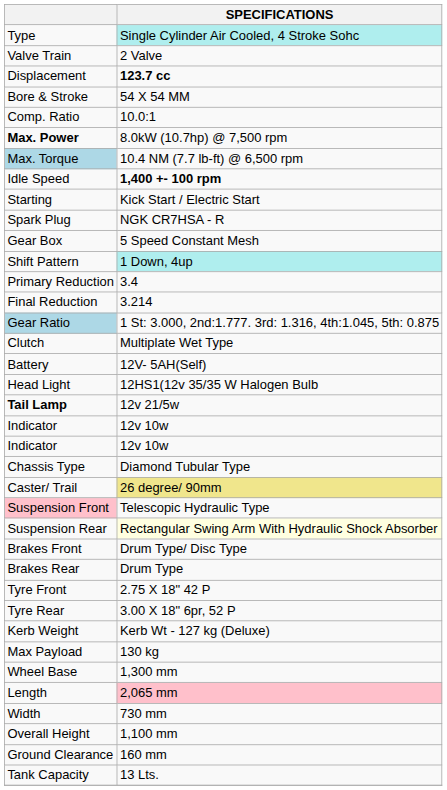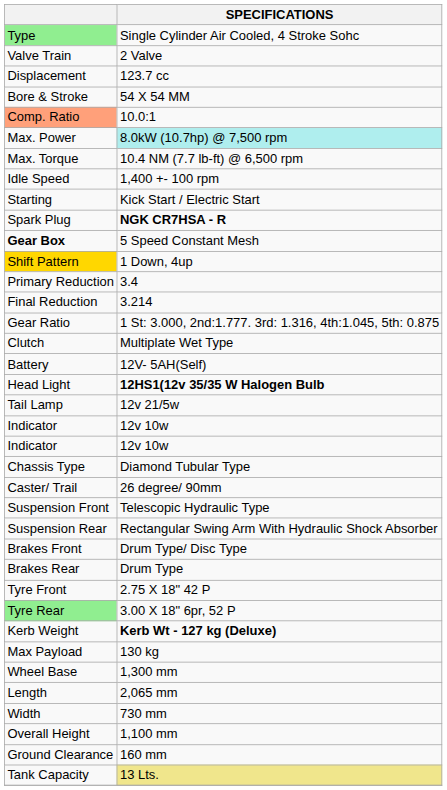 <table class="wikitable">
 <tr>
 <th></th>
 <th>SPECIFICATIONS</th>
 </tr>
 <tr>
-<td>Type</td>
-<td style="background: paleturquoise;">Single Cylinder Air Cooled, 4 Stroke Sohc</td>
+<td style="background: lightgreen;">Type</td>
+<td>Single Cylinder Air Cooled, 4 Stroke Sohc</td>
 </tr>
 <tr>
 <td>Valve Train</td>
 <td>2 Valve</td>
 </tr>
 <tr>
 <td>Displacement</td>
-<td><strong>123.7 cc</strong></td>
+<td>123.7 cc</td>
 </tr>
 <tr>
 <td>Bore & Stroke</td>
 <td>54 X 54 MM</td>
 </tr>
 <tr>
-<td>Comp. Ratio</td>
+<td style="background: lightsalmon;">Comp. Ratio</td>
 <td>10.0:1</td>
 </tr>
 <tr>
-<td><strong>Max. Power</strong></td>
-<td>8.0kW (10.7hp) @ 7,500 rpm</td>
+<td>Max. Power</td>
+<td style="background: paleturquoise;">8.0kW (10.7hp) @ 7,500 rpm</td>
 </tr>
 <tr>
-<td style="background: lightblue;">Max. Torque</td>
+<td>Max. Torque</td>
 <td>10.4 NM (7.7 lb-ft) @ 6,500 rpm</td>
 </tr>
 <tr>
 <td>Idle Speed</td>
-<td><strong>1,400 +- 100 rpm</strong></td>
+<td>1,400 +- 100 rpm</td>
 </tr>
 <tr>
 <td>Starting</td>
 <td>Kick Start / Electric Start</td>
 </tr>
 <tr>
 <td>Spark Plug</td>
-<td>NGK CR7HSA - R</td>
+<td><strong>NGK CR7HSA - R</strong></td>
 </tr>
 <tr>
-<td>Gear Box</td>
+<td><strong>Gear Box</strong></td>
 <td>5 Speed Constant Mesh</td>
 </tr>
 <tr>
-<td>Shift Pattern</td>
-<td style="background: paleturquoise;">1 Down, 4up</td>
+<td style="background: gold;">Shift Pattern</td>
+<td>1 Down, 4up</td>
 </tr>
 <tr>
 <td>Primary Reduction</td>
 <td>3.4</td>
 </tr>
 <tr>
 <td>Final Reduction</td>
 <td>3.214</td>
 </tr>
 <tr>
-<td style="background: lightblue;">Gear Ratio</td>
+<td>Gear Ratio</td>
 <td>1 St: 3.000, 2nd:1.777. 3rd: 1.316, 4th:1.045, 5th: 0.875</td>
 </tr>
 <tr>
 <td>Clutch</td>
 <td>Multiplate Wet Type</td>
 </tr>
 <tr>
 <td>Battery</td>
 <td>12V- 5AH(Self)</td>
 </tr>
 <tr>
 <td>Head Light</td>
-<td>12HS1(12v 35/35 W Halogen Bulb</td>
+<td><strong>12HS1(12v 35/35 W Halogen Bulb</strong></td>
 </tr>
 <tr>
-<td><strong>Tail Lamp</strong></td>
+<td>Tail Lamp</td>
 <td>12v 21/5w</td>
 </tr>
 <tr>
 <td>Indicator</td>
 <td>12v 10w</td>
 </tr>
 <tr>
 <td>Indicator</td>
 <td>12v 10w</td>
 </tr>
 <tr>
 <td>Chassis Type</td>
 <td>Diamond Tubular Type</td>
 </tr>
 <tr>
 <td>Caster/ Trail</td>
-<td style="background: khaki;">26 degree/ 90mm</td>
+<td>26 degree/ 90mm</td>
 </tr>
 <tr>
-<td style="background: pink;">Suspension Front</td>
+<td>Suspension Front</td>
 <td>Telescopic Hydraulic Type</td>
 </tr>
 <tr>
 <td>Suspension Rear</td>
-<td style="background: lightyellow;">Rectangular Swing Arm With Hydraulic Shock Absorber</td>
+<td>Rectangular Swing Arm With Hydraulic Shock Absorber</td>
 </tr>
 <tr>
 <td>Brakes Front</td>
 <td>Drum Type/ Disc Type</td>
 </tr>
 <tr>
 <td>Brakes Rear</td>
 <td>Drum Type</td>
 </tr>
 <tr>
 <td>Tyre Front</td>
 <td>2.75 X 18" 42 P</td>
 </tr>
 <tr>
-<td>Tyre Rear</td>
+<td style="background: lightgreen;">Tyre Rear</td>
 <td>3.00 X 18" 6pr, 52 P</td>
 </tr>
 <tr>
 <td>Kerb Weight</td>
-<td>Kerb Wt - 127 kg (Deluxe)</td>
+<td><strong>Kerb Wt - 127 kg (Deluxe)</strong></td>
 </tr>
 <tr>
 <td>Max Payload</td>
 <td>130 kg</td>
 </tr>
 <tr>
 <td>Wheel Base</td>
 <td>1,300 mm</td>
 </tr>
 <tr>
 <td>Length</td>
-<td style="background: pink;">2,065 mm</td>
+<td>2,065 mm</td>
 </tr>
 <tr>
 <td>Width</td>
 <td>730 mm</td>
 </tr>
 <tr>
 <td>Overall Height</td>
 <td>1,100 mm</td>
 </tr>
 <tr>
 <td>Ground Clearance</td>
 <td>160 mm</td>
 </tr>
 <tr>
 <td>Tank Capacity</td>
-<td>13 Lts.</td>
+<td style="background: khaki;">13 Lts.</td>
 </tr>
 <tr>
 </tr>
 </table>
